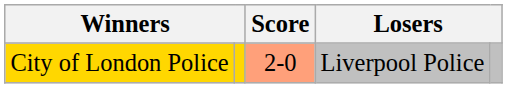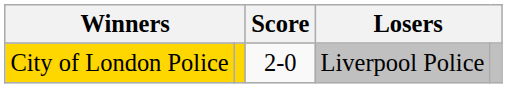 <table class=wikitable>
 <tr>
 <th colspan=2>Winners</th>
 <th>Score</th>
 <th colspan=2>Losers</th>
 </tr>
 <tr>
 <td bgcolor=gold>City of London Police</td>
 <td bgcolor=gold></td>
-<td align=center style="background: lightsalmon;">2-0</td>
+<td align=center>2-0</td>
 <td bgcolor=silver>Liverpool Police</td>
 <td bgcolor=silver></td>
 </tr>
 </table>
